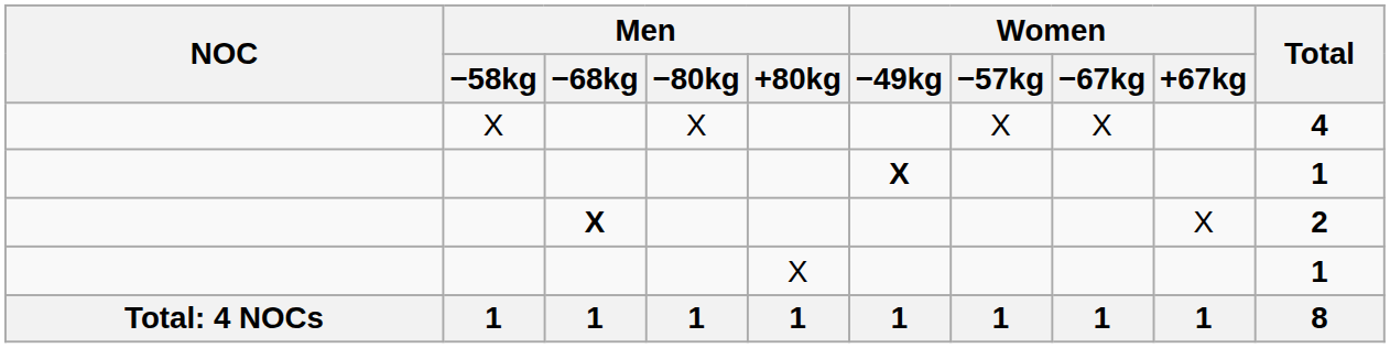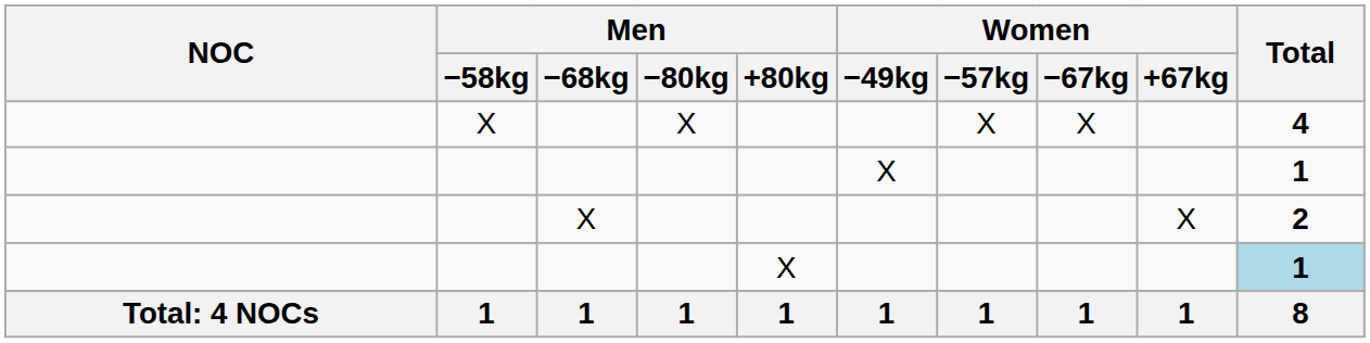 <table class="wikitable" style="text-align:center; font-size:90%">
 <tr>
 <th rowspan="2" width=200 align="left">NOC</th>
 <th colspan="4">Men</th>
 <th colspan="4">Women</th>
 <th width=55 rowspan="2">Total</th>
 </tr>
 <tr>
 <th width=40>−58kg</th>
 <th width=40>−68kg</th>
 <th width=40>−80kg</th>
 <th width=40>+80kg</th>
 <th width=40>−49kg</th>
 <th width=40>−57kg</th>
 <th width=40>−67kg</th>
 <th width=40>+67kg</th>
 </tr>
 <tr>
 <td align="left"></td>
 <td>X</td>
 <td></td>
 <td>X</td>
 <td></td>
 <td></td>
 <td>X</td>
 <td>X</td>
 <td></td>
 <td><strong>4</strong></td>
 </tr>
 <tr>
 <td align="left"></td>
 <td></td>
 <td></td>
 <td></td>
 <td></td>
-<td><strong>X</strong></td>
+<td>X</td>
 <td></td>
 <td></td>
 <td></td>
 <td><strong>1</strong></td>
 </tr>
 <tr>
 <td align="left"></td>
 <td></td>
-<td><strong>X</strong></td>
+<td>X</td>
 <td></td>
 <td></td>
 <td></td>
 <td></td>
 <td></td>
 <td>X</td>
 <td><strong>2</strong></td>
 </tr>
 <tr>
 <td align="left"></td>
 <td></td>
 <td></td>
 <td></td>
 <td>X</td>
 <td></td>
 <td></td>
 <td></td>
 <td></td>
-<td><strong>1</strong></td>
+<td style="background: lightblue;"><strong>1</strong></td>
 </tr>
 <tr>
 <th>Total: 4 NOCs</th>
 <th>1</th>
 <th>1</th>
 <th>1</th>
 <th>1</th>
 <th>1</th>
 <th>1</th>
 <th>1</th>
 <th>1</th>
 <th>8</th>
 </tr>
 </table>
